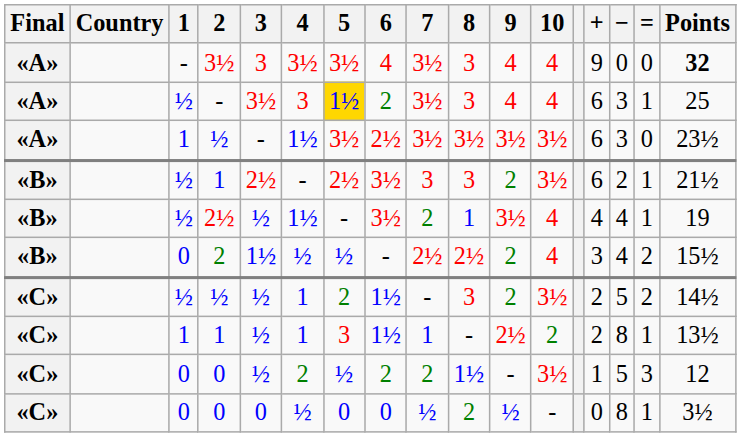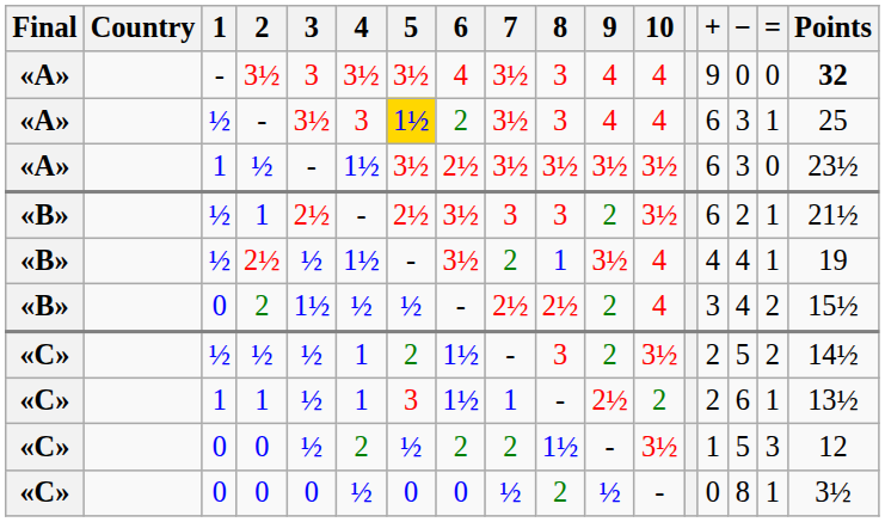 <table class="wikitable" style="text-align:center">
 <tr>
 <th>Final</th>
 <th>Country</th>
 <th>1</th>
 <th>2</th>
 <th>3</th>
 <th>4</th>
 <th>5</th>
 <th>6</th>
 <th>7</th>
 <th>8</th>
 <th>9</th>
 <th>10</th>
 <th></th>
 <th>+</th>
 <th>−</th>
 <th>=</th>
 <th>Points</th>
 </tr>
 <tr>
 <th>«A»</th>
 <td style="text-align: left"></td>
 <td>-</td>
 <td style="color: red;">3½</td>
 <td style="color: red;">3</td>
 <td style="color: red;">3½</td>
 <td style="color: red;">3½</td>
 <td style="color: red;">4</td>
 <td style="color: red;">3½</td>
 <td style="color: red;">3</td>
 <td style="color: red;">4</td>
 <td style="color: red;">4</td>
 <th></th>
 <td>9</td>
 <td>0</td>
 <td>0</td>
 <td><strong>32</strong></td>
 </tr>
 <tr>
 <th>«A»</th>
 <td style="text-align: left"></td>
 <td style="color: blue;">½</td>
 <td>-</td>
 <td style="color: red;">3½</td>
 <td style="color: red;">3</td>
 <td style="background: gold; color: blue;">1½</td>
 <td style="color: green">2</td>
 <td style="color: red;">3½</td>
 <td style="color: red;">3</td>
 <td style="color: red;">4</td>
 <td style="color: red;">4</td>
 <th></th>
 <td>6</td>
 <td>3</td>
 <td>1</td>
 <td>25</td>
 </tr>
 <tr>
 <th>«A»</th>
 <td style="text-align: left"></td>
 <td style="color: blue;">1</td>
 <td style="color: blue;">½</td>
 <td>-</td>
 <td style="color: blue;">1½</td>
 <td style="color: red;">3½</td>
 <td style="color: red;">2½</td>
 <td style="color: red;">3½</td>
 <td style="color: red;">3½</td>
 <td style="color: red;">3½</td>
 <td style="color: red;">3½</td>
 <th></th>
 <td>6</td>
 <td>3</td>
 <td>0</td>
 <td>23½</td>
 </tr>
 <tr style="border-top:2px solid grey;">
 <th>«B»</th>
 <td style="text-align: left"></td>
 <td style="color: blue;">½</td>
 <td style="color: blue;">1</td>
 <td style="color: red;">2½</td>
 <td>-</td>
 <td style="color: red;">2½</td>
 <td style="color: red;">3½</td>
 <td style="color: red;">3</td>
 <td style="color: red;">3</td>
 <td style="color: green">2</td>
 <td style="color: red;">3½</td>
 <th></th>
 <td>6</td>
 <td>2</td>
 <td>1</td>
 <td>21½</td>
 </tr>
 <tr>
 <th>«B»</th>
 <td style="text-align: left"></td>
 <td style="color: blue;">½</td>
 <td style="color: red;">2½</td>
 <td style="color: blue;">½</td>
 <td style="color: blue;">1½</td>
 <td>-</td>
 <td style="color: red;">3½</td>
 <td style="color: green">2</td>
 <td style="color: blue;">1</td>
 <td style="color: red;">3½</td>
 <td style="color: red;">4</td>
 <th></th>
 <td>4</td>
 <td>4</td>
 <td>1</td>
 <td>19</td>
 </tr>
 <tr>
 <th>«B»</th>
 <td style="text-align: left"></td>
 <td style="color: blue;">0</td>
 <td style="color: green">2</td>
 <td style="color: blue;">1½</td>
 <td style="color: blue;">½</td>
 <td style="color: blue;">½</td>
 <td>-</td>
 <td style="color: red;">2½</td>
 <td style="color: red;">2½</td>
 <td style="color: green">2</td>
 <td style="color: red;">4</td>
 <th></th>
 <td>3</td>
 <td>4</td>
 <td>2</td>
 <td>15½</td>
 </tr>
 <tr style="border-top:2px solid grey;">
 <th>«C»</th>
 <td style="text-align: left"></td>
 <td style="color: blue;">½</td>
 <td style="color: blue;">½</td>
 <td style="color: blue;">½</td>
 <td style="color: blue;">1</td>
 <td style="color: green">2</td>
 <td style="color: blue;">1½</td>
 <td>-</td>
 <td style="color: red;">3</td>
 <td style="color: green">2</td>
 <td style="color: red;">3½</td>
 <th></th>
 <td>2</td>
 <td>5</td>
 <td>2</td>
 <td>14½</td>
 </tr>
 <tr>
 <th>«C»</th>
 <td style="text-align: left"></td>
 <td style="color: blue;">1</td>
 <td style="color: blue;">1</td>
 <td style="color: blue;">½</td>
 <td style="color: blue;">1</td>
 <td style="color: red;">3</td>
 <td style="color: blue;">1½</td>
 <td style="color: blue;">1</td>
 <td>-</td>
 <td style="color: red;">2½</td>
 <td style="color: green">2</td>
 <th></th>
 <td>2</td>
-<td>8</td>
+<td>6</td>
 <td>1</td>
 <td>13½</td>
 </tr>
 <tr>
 <th>«C»</th>
 <td style="text-align: left"></td>
 <td style="color: blue;">0</td>
 <td style="color: blue;">0</td>
 <td style="color: blue;">½</td>
 <td style="color: green">2</td>
 <td style="color: blue;">½</td>
 <td style="color: green">2</td>
 <td style="color: green">2</td>
 <td style="color: blue;">1½</td>
 <td>-</td>
 <td style="color: red;">3½</td>
 <th></th>
 <td>1</td>
 <td>5</td>
 <td>3</td>
 <td>12</td>
 </tr>
 <tr>
 <th>«C»</th>
 <td style="text-align: left"></td>
 <td style="color: blue;">0</td>
 <td style="color: blue;">0</td>
 <td style="color: blue;">0</td>
 <td style="color: blue;">½</td>
 <td style="color: blue;">0</td>
 <td style="color: blue;">0</td>
 <td style="color: blue;">½</td>
 <td style="color: green">2</td>
 <td style="color: blue;">½</td>
 <td>-</td>
 <th></th>
 <td>0</td>
 <td>8</td>
 <td>1</td>
 <td>3½</td>
 </tr>
 </table>
